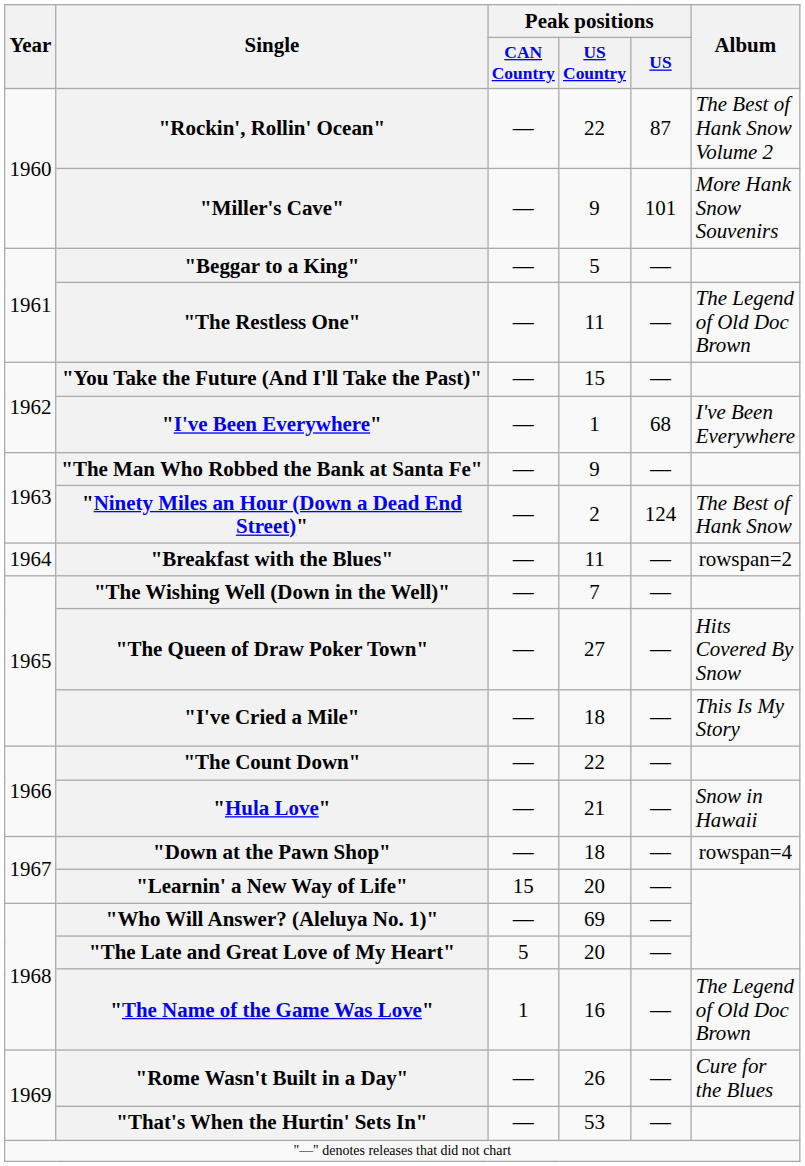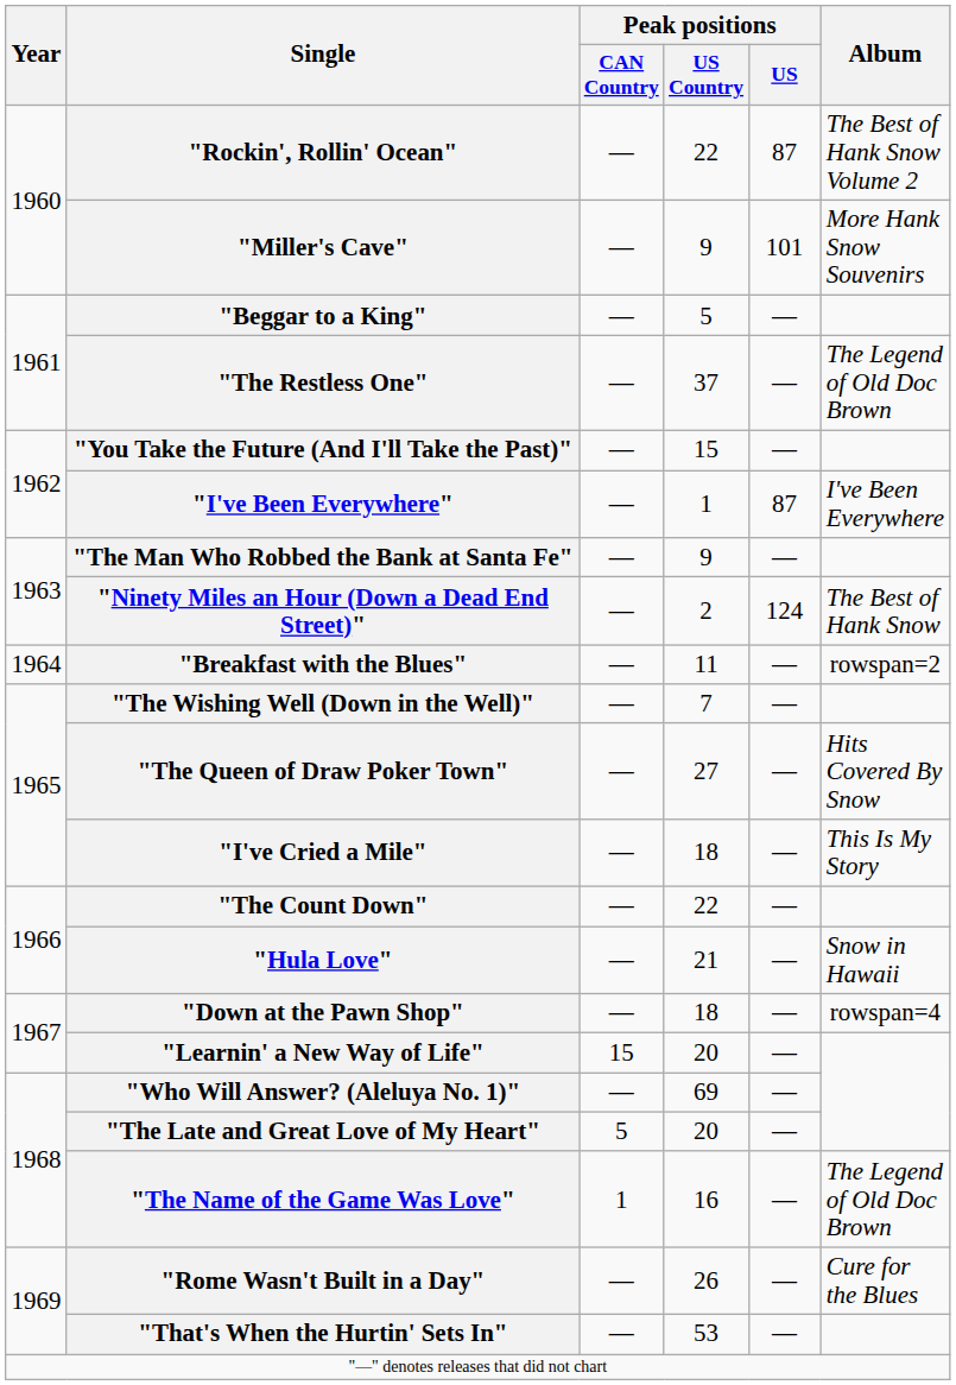 <table class="wikitable plainrowheaders" style="text-align:center;">
 <tr>
 <th rowspan="2">Year</th>
 <th rowspan="2" style="width:25em;">Single</th>
 <th scope="col" colspan="3">Peak positions</th>
 <th rowspan="2">Album</th>
 </tr>
 <tr style="font-size:smaller;">
 <th width="45"><a href='#'>CAN Country</a></th>
 <th width="45"><a href='#'>US Country</a><br></th>
 <th width="45"><a href='#'>US</a><br></th>
 </tr>
 <tr>
 <td rowspan=2>1960</td>
 <th scope="row">"Rockin', Rollin' Ocean"</th>
 <td>—</td>
 <td>22</td>
 <td>87</td>
 <td align="left"><em>The Best of Hank Snow Volume 2</em></td>
 </tr>
 <tr>
 <th scope="row">"Miller's Cave"</th>
 <td>—</td>
 <td>9</td>
 <td>101</td>
 <td align="left"><em>More Hank Snow Souvenirs</em></td>
 </tr>
 <tr>
 <td rowspan=2>1961</td>
 <th scope="row">"Beggar to a King"</th>
 <td>—</td>
 <td>5</td>
 <td>—</td>
 <td></td>
 </tr>
 <tr>
 <th scope="row">"The Restless One"</th>
 <td>—</td>
-<td>11</td>
+<td>37</td>
 <td>—</td>
 <td align="left"><em>The Legend of Old Doc Brown</em></td>
 </tr>
 <tr>
 <td rowspan=2>1962</td>
 <th scope="row">"You Take the Future (And I'll Take the Past)"</th>
 <td>—</td>
 <td>15</td>
 <td>—</td>
 <td></td>
 </tr>
 <tr>
 <th scope="row">"<a href='#'>I've Been Everywhere</a>"</th>
 <td>—</td>
 <td>1</td>
-<td>68</td>
+<td>87</td>
 <td align="left"><em>I've Been Everywhere</em></td>
 </tr>
 <tr>
 <td rowspan=2>1963</td>
 <th scope="row">"The Man Who Robbed the Bank at Santa Fe"</th>
 <td>—</td>
 <td>9</td>
 <td>—</td>
 <td></td>
 </tr>
 <tr>
 <th scope="row">"<a href='#'>Ninety Miles an Hour (Down a Dead End Street)</a>"</th>
 <td>—</td>
 <td>2</td>
 <td>124</td>
 <td align="left"><em>The Best of Hank Snow</em></td>
 </tr>
 <tr>
 <td>1964</td>
 <th scope="row">"Breakfast with the Blues"</th>
 <td>—</td>
 <td>11</td>
 <td>—</td>
 <td>rowspan=2 </td>
 </tr>
 <tr>
 <td rowspan=3>1965</td>
 <th scope="row">"The Wishing Well (Down in the Well)"</th>
 <td>—</td>
 <td>7</td>
 <td>—</td>
 </tr>
 <tr>
 <th scope="row">"The Queen of Draw Poker Town"</th>
 <td>—</td>
 <td>27</td>
 <td>—</td>
 <td align="left"><em>Hits Covered By Snow</em></td>
 </tr>
 <tr>
 <th scope="row">"I've Cried a Mile"</th>
 <td>—</td>
 <td>18</td>
 <td>—</td>
 <td align="left"><em>This Is My Story</em></td>
 </tr>
 <tr>
 <td rowspan=2>1966</td>
 <th scope="row">"The Count Down"</th>
 <td>—</td>
 <td>22</td>
 <td>—</td>
 <td></td>
 </tr>
 <tr>
 <th scope="row">"<a href='#'>Hula Love</a>"</th>
 <td>—</td>
 <td>21</td>
 <td>—</td>
 <td align="left"><em>Snow in Hawaii</em></td>
 </tr>
 <tr>
 <td rowspan=2>1967</td>
 <th scope="row">"Down at the Pawn Shop"</th>
 <td>—</td>
 <td>18</td>
 <td>—</td>
 <td>rowspan=4 </td>
 </tr>
 <tr>
 <th scope="row">"Learnin' a New Way of Life"</th>
 <td>15</td>
 <td>20</td>
 <td>—</td>
 </tr>
 <tr>
 <td rowspan=3>1968</td>
 <th scope="row">"Who Will Answer? (Aleluya No. 1)"</th>
 <td>—</td>
 <td>69</td>
 <td>—</td>
 </tr>
 <tr>
 <th scope="row">"The Late and Great Love of My Heart"</th>
 <td>5</td>
 <td>20</td>
 <td>—</td>
 </tr>
 <tr>
 <th scope="row">"<a href='#'>The Name of the Game Was Love</a>"</th>
 <td>1</td>
 <td>16</td>
 <td>—</td>
 <td align="left"><em>The Legend of Old Doc Brown</em></td>
 </tr>
 <tr>
 <td rowspan=2>1969</td>
 <th scope="row">"Rome Wasn't Built in a Day"</th>
 <td>—</td>
 <td>26</td>
 <td>—</td>
 <td align="left"><em>Cure for the Blues</em></td>
 </tr>
 <tr>
 <th scope="row">"That's When the Hurtin' Sets In"</th>
 <td>—</td>
 <td>53</td>
 <td>—</td>
 <td></td>
 </tr>
 <tr>
 <td colspan="6" style="font-size:8pt">"—" denotes releases that did not chart</td>
 </tr>
 </table>
